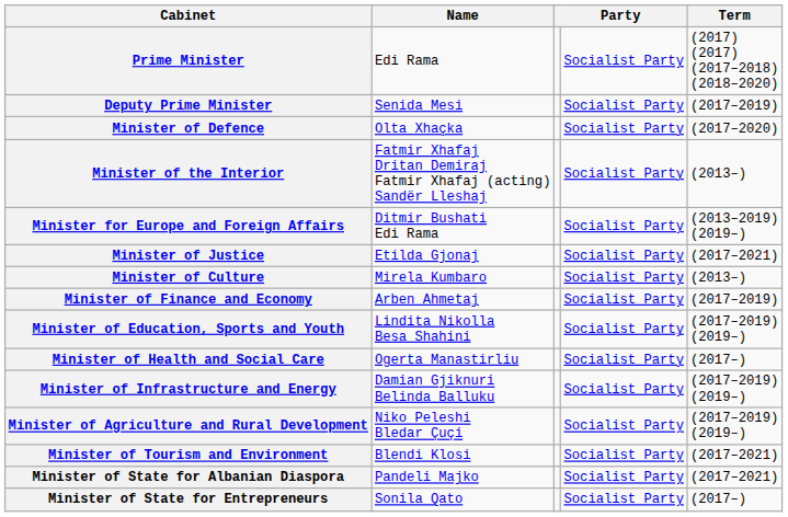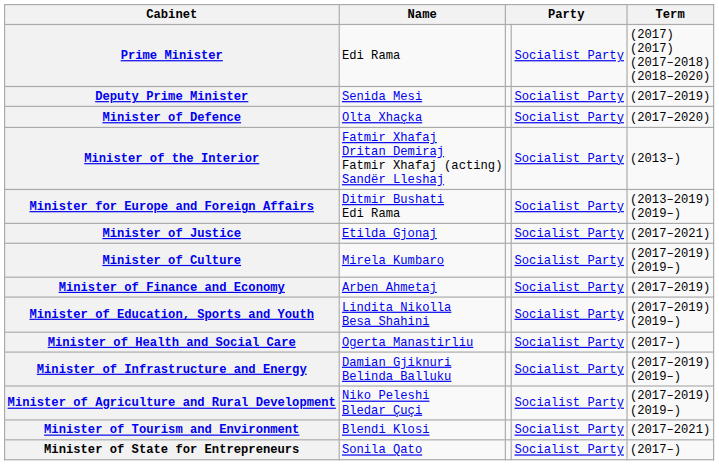 <table class="wikitable" style="font-size: 80%;">
 <tr>
 <th>Cabinet</th>
 <th>Name</th>
 <th colspan=2>Party</th>
 <th>Term</th>
 </tr>
 <tr>
 <th><a href='#'>Prime Minister</a></th>
 <td>Edi Rama</td>
 <td></td>
 <td><a href='#'>Socialist Party</a></td>
 <td>(2017)<br>(2017)<br>(2017–2018)<br>(2018–2020)</td>
 </tr>
 <tr>
 <th><a href='#'>Deputy Prime Minister</a></th>
 <td><a href='#'>Senida Mesi</a></td>
 <td></td>
 <td><a href='#'>Socialist Party</a></td>
 <td>(2017–2019)</td>
 </tr>
 <tr>
 <th><a href='#'>Minister of Defence</a></th>
 <td><a href='#'>Olta Xhaçka</a></td>
 <td></td>
 <td><a href='#'>Socialist Party</a></td>
 <td>(2017–2020)</td>
 </tr>
 <tr>
 <th><a href='#'>Minister of the Interior</a></th>
 <td><a href='#'>Fatmir Xhafaj</a><br><a href='#'>Dritan Demiraj</a><br>Fatmir Xhafaj (acting)<br><a href='#'>Sandër Lleshaj</a></td>
 <td></td>
 <td><a href='#'>Socialist Party</a></td>
 <td>(2013–)</td>
 </tr>
 <tr>
 <th><a href='#'>Minister for Europe and Foreign Affairs</a></th>
 <td><a href='#'>Ditmir Bushati</a><br>Edi Rama</td>
 <td></td>
 <td><a href='#'>Socialist Party</a></td>
 <td>(2013–2019)<br>(2019–)</td>
 </tr>
 <tr>
 <th><a href='#'>Minister of Justice</a></th>
 <td><a href='#'>Etilda Gjonaj</a></td>
 <td></td>
 <td><a href='#'>Socialist Party</a></td>
 <td>(2017–2021)</td>
 </tr>
 <tr>
 <th><a href='#'>Minister of Culture</a></th>
 <td><a href='#'>Mirela Kumbaro</a></td>
 <td></td>
 <td><a href='#'>Socialist Party</a></td>
-<td>(2013–)</td>
+<td>(2017–2019)<br>(2019–)</td>
 </tr>
 <tr>
 <th><a href='#'>Minister of Finance and Economy</a></th>
 <td><a href='#'>Arben Ahmetaj</a></td>
 <td></td>
 <td><a href='#'>Socialist Party</a></td>
 <td>(2017–2019)</td>
 </tr>
 <tr>
 <th><a href='#'>Minister of Education, Sports and Youth</a></th>
 <td><a href='#'>Lindita Nikolla</a><br><a href='#'>Besa Shahini</a></td>
 <td></td>
 <td><a href='#'>Socialist Party</a></td>
 <td>(2017–2019)<br>(2019–)</td>
 </tr>
 <tr>
 <th><a href='#'>Minister of Health and Social Care</a></th>
 <td><a href='#'>Ogerta Manastirliu</a></td>
 <td></td>
 <td><a href='#'>Socialist Party</a></td>
 <td>(2017–)</td>
 </tr>
 <tr>
 <th><a href='#'>Minister of Infrastructure and Energy</a></th>
 <td><a href='#'>Damian Gjiknuri</a><br><a href='#'>Belinda Balluku</a></td>
 <td></td>
 <td><a href='#'>Socialist Party</a></td>
 <td>(2017–2019)<br>(2019–)</td>
 </tr>
 <tr>
 <th><a href='#'>Minister of Agriculture and Rural Development</a></th>
 <td><a href='#'>Niko Peleshi</a><br><a href='#'>Bledar Çuçi</a></td>
 <td></td>
 <td><a href='#'>Socialist Party</a></td>
 <td>(2017–2019)<br>(2019–)</td>
 </tr>
 <tr>
 <th><a href='#'>Minister of Tourism and Environment</a></th>
 <td><a href='#'>Blendi Klosi</a></td>
 <td></td>
 <td><a href='#'>Socialist Party</a></td>
 <td>(2017–2021)</td>
 </tr>
 <tr>
-<th>Minister of State for Albanian Diaspora</th>
-<td><a href='#'>Pandeli Majko</a></td>
-<td></td>
-<td><a href='#'>Socialist Party</a></td>
-<td>(2017–2021)</td>
-</tr>
-<tr>
 <th>Minister of State for Entrepreneurs</th>
 <td><a href='#'>Sonila Qato</a></td>
 <td></td>
 <td><a href='#'>Socialist Party</a></td>
 <td>(2017–)</td>
 </tr>
 </table>
